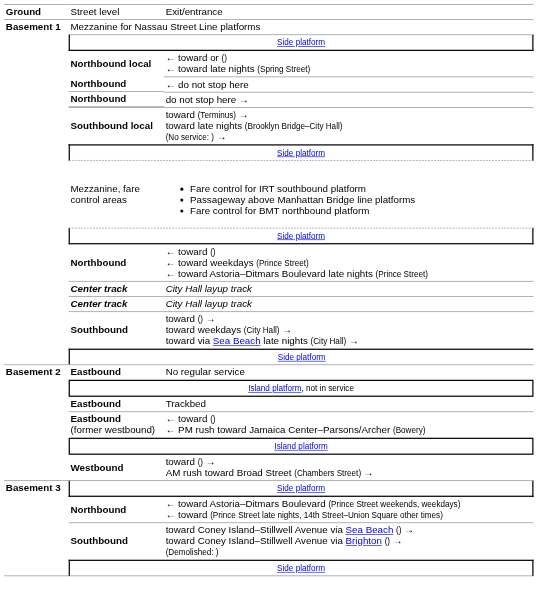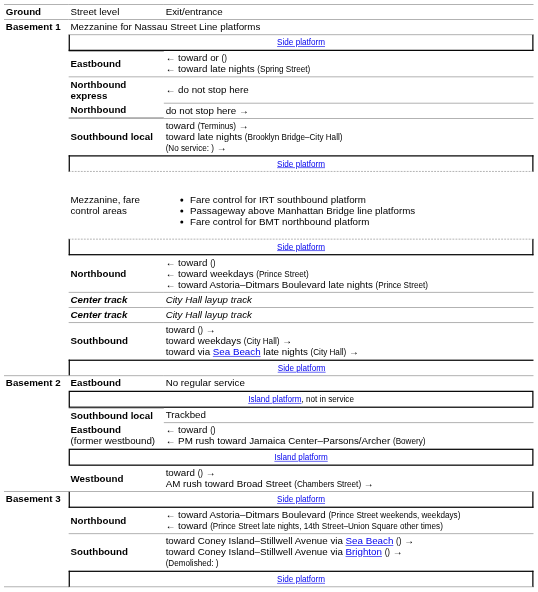 <table table border=0 cellspacing=0 cellpadding=3>
 <tr>
 <td style="border-top:solid 1px gray;" width=100><strong>Ground</strong></td>
 <td style="border-top:solid 1px gray;" width=150>Street level</td>
 <td style="border-top:solid 1px gray;" width=600>Exit/entrance<br></td>
 </tr>
 <tr>
 <td rowspan="14" style="border-top:solid 1px gray;vertical-align:top;"><strong>Basement 1</strong></td>
 <td style="border-top:solid 1px gray;" colspan=2>Mezzanine for Nassau Street Line platforms</td>
 </tr>
 <tr>
 <td style="border-top:solid 1px gray;border-right:solid 2px black;border-left:solid 2px black;border-bottom:solid 2px black;text-align:center;" colspan=2><small><a href='#'>Side platform</a> </small></td>
 </tr>
 <tr>
-<td><span><strong>Northbound local</strong></span></td>
+<td style="border-top:solid 1px gray;"><span><strong>Eastbound</strong></span></td>
 <td>←  toward  or  <small>()</small><br>←  toward  late nights <small>(Spring Street)</small></td>
 </tr>
 <tr>
-<td style="border-bottom:solid 1px gray;"><span><strong>Northbound</strong></span></td>
+<td style="border-top:solid 1px gray;"><span><strong>Northbound express</strong></span></td>
 <td style="border-top:solid 1px gray;">←  do not stop here</td>
 </tr>
 <tr>
 <td style="border-bottom:solid 1px gray;"><span><strong>Northbound</strong></span></td>
 <td style="border-top:solid 1px gray;">  do not stop here →</td>
 </tr>
 <tr BC>
 <td style="border-top:solid 1px gray;"><span><strong>Southbound local</strong></span></td>
 <td style="border-top:solid 1px gray;">  toward  <small>(Terminus)</small> →<br>  toward  late nights <small>(Brooklyn Bridge–City Hall)</small><br><small> (No service: )</small> →</td>
 </tr>
 <tr>
 <td style="border-top:solid 2px black;border-right:solid 2px black;border-left:solid 2px black;border-bottom:dashed 1px gray;text-align:center;" colspan=2><small><a href='#'>Side platform</a> </small></td>
 </tr>
 <tr>
 <td>Mezzanine, fare control areas</td>
 <td><br><ul><li>Fare control for IRT southbound platform</li><li>Passageway above Manhattan Bridge line platforms</li><li>Fare control for BMT northbound platform</li></ul></td>
 </tr>
 <tr>
 <td style="border-top:dashed 1px gray;border-right:solid 2px black;border-left:solid 2px black;border-bottom:solid 2px black;text-align:center;" colspan=2><small><a href='#'>Side platform</a></small></td>
 </tr>
 <tr>
 <td><span><strong>Northbound</strong></span></td>
 <td>←  toward  <small>()</small><br>←  toward  weekdays <small>(Prince Street)</small><br>←  toward Astoria–Ditmars Boulevard late nights <small>(Prince Street)</small></td>
 </tr>
 <tr>
 <td style="border-top:solid 1px gray;"><span><strong><em>Center track</em></strong></span></td>
 <td style="border-top:solid 1px gray;"> <em>City Hall layup track</em></td>
 </tr>
 <tr>
 <td style="border-top:solid 1px gray;"><span><strong><em>Center track</em></strong></span></td>
 <td style="border-top:solid 1px gray;"> <em>City Hall layup track</em></td>
 </tr>
 <tr>
 <td style="border-top:solid 1px gray;"><span><strong>Southbound</strong></span></td>
 <td style="border-top:solid 1px gray;">  toward  <small>()</small> →<br>  toward  weekdays <small>(City Hall)</small> →<br>  toward  via <a href='#'>Sea Beach</a> late nights <small>(City Hall)</small> →</td>
 </tr>
 <tr>
 <td style="border-top:solid 2px black;botborder-right:solid 2px black;border-left:solid 2px black;text-align:center;" colspan=2><small><a href='#'>Side platform</a></small></td>
 </tr>
 <tr>
 <td style="border-top:solid 1px gray; vertical-align:top;" rowspan=6><strong>Basement 2</strong></td>
 <td style="border-top:solid 1px gray;"><span><strong>Eastbound</strong></span></td>
 <td style="border-top:solid 1px gray;"> No regular service</td>
 </tr>
 <tr>
 <td style="border-top:solid 2px black;border-right:solid 2px black;border-left:solid 2px black;border-bottom:solid 2px black;text-align:center;" colspan=2><small><a href='#'>Island platform</a>, not in service</small></td>
 </tr>
 <tr>
-<td style="border-bottom:solid 1px gray;"><span><strong>Eastbound</strong></span></td>
+<td style="border-top:solid 1px gray;"><span><strong>Southbound local</strong></span></td>
 <td style="border-bottom:solid 1px gray;"> Trackbed</td>
 </tr>
 <tr>
 <td><span><strong>Eastbound</strong></span><br>(former westbound)</td>
 <td>←  toward  <small>()</small><br>←  PM rush toward Jamaica Center–Parsons/Archer <small>(Bowery)</small></td>
 </tr>
 <tr>
 <td style="border-top:solid 2px black;border-right:solid 2px black;border-left:solid 2px black;border-bottom:solid 2px black;text-align:center;" colspan=2><small><a href='#'>Island platform</a></small></td>
 </tr>
 <tr>
 <td><span><strong>Westbound</strong></span></td>
 <td>  toward  <small>()</small> →<br>  AM rush toward Broad Street <small>(Chambers Street)</small> →</td>
 </tr>
 <tr>
 <td style="border-top:solid 1px gray;border-bottom:solid 1px gray;vertical-align:top;" rowspan=6><strong>Basement 3</strong></td>
 <td style="border-top:solid 1px gray;border-right:solid 2px black;border-left:solid 2px black;border-bottom:solid 2px black;text-align:center;" colspan=2><small><a href='#'>Side platform</a></small></td>
 </tr>
 <tr>
 <td style="border-bottom:solid 1px gray;"><span><strong>Northbound</strong></span></td>
 <td style="border-bottom:solid 1px gray;">←  toward Astoria–Ditmars Boulevard <small>(Prince Street weekends,  weekdays)</small><br>←  toward  <small>(Prince Street late nights, 14th Street–Union Square other times)</small><br></td>
 </tr>
 <tr>
 <td><span><strong>Southbound</strong></span></td>
 <td>  toward Coney Island–Stillwell Avenue via <a href='#'>Sea Beach</a> <small>()</small> →<br>  toward Coney Island–Stillwell Avenue via <a href='#'>Brighton</a> <small>()</small> →<br> <small>(Demolished: )</small></td>
 </tr>
 <tr>
 <td style="border-top:solid 2px black;border-right:solid 2px black;border-left:solid 2px black;border-bottom:solid 1px gray;text-align:center;" colspan=2><small><a href='#'>Side platform</a></small></td>
 </tr>
 </table>
